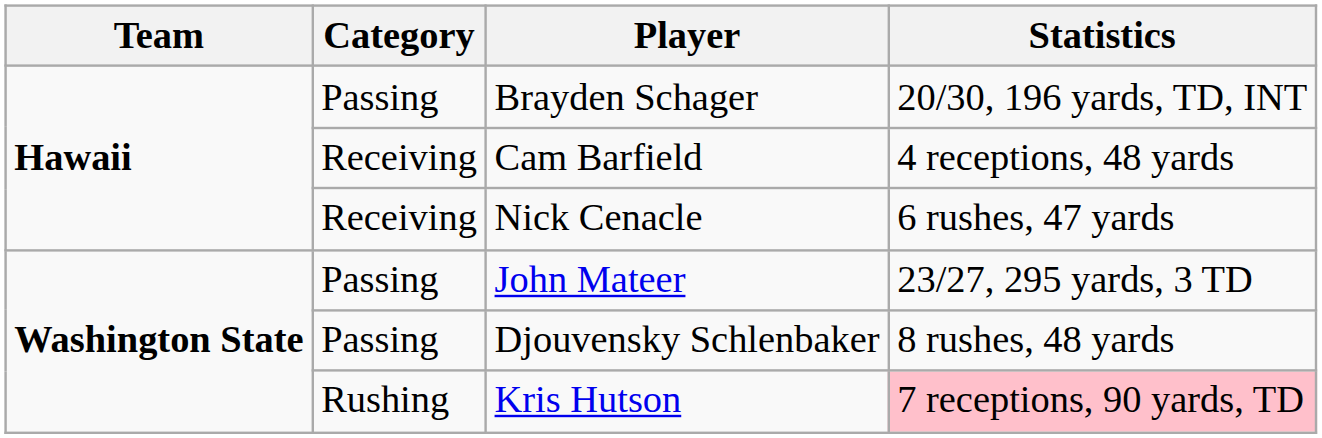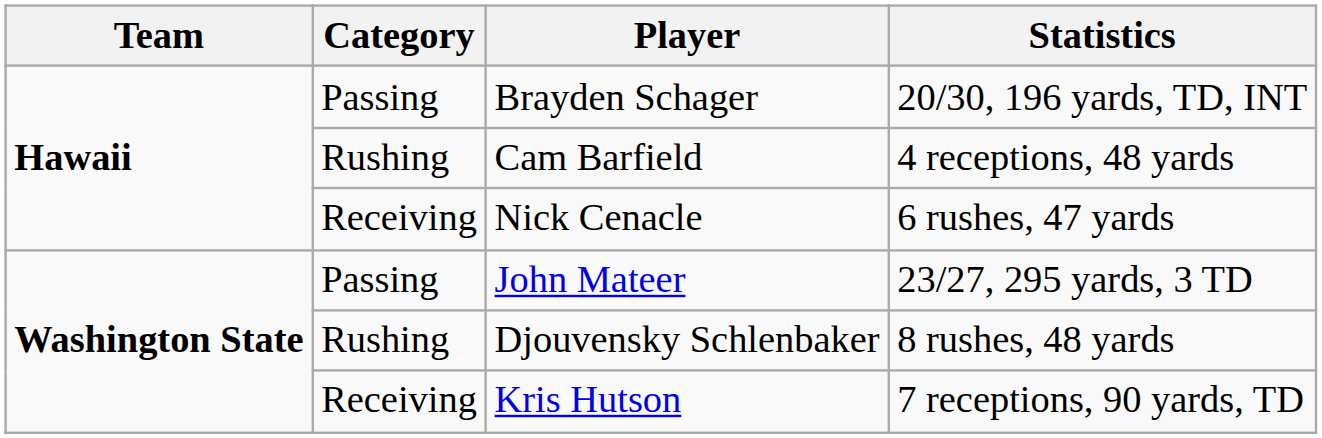 <table class="wikitable" style="float: right;">
 <tr>
 <th>Team</th>
 <th>Category</th>
 <th>Player</th>
 <th>Statistics</th>
 </tr>
 <tr>
 <td rowspan=3><strong>Hawaii</strong></td>
 <td>Passing</td>
 <td>Brayden Schager</td>
 <td>20/30, 196 yards, TD, INT</td>
 </tr>
 <tr>
-<td>Receiving</td>
+<td>Rushing</td>
 <td>Cam Barfield</td>
 <td>4 receptions, 48 yards</td>
 </tr>
 <tr>
 <td>Receiving</td>
 <td>Nick Cenacle</td>
 <td>6 rushes, 47 yards</td>
 </tr>
 <tr>
 <td rowspan=3><strong>Washington State</strong></td>
 <td>Passing</td>
 <td><a href='#'>John Mateer</a></td>
 <td>23/27, 295 yards, 3 TD</td>
 </tr>
 <tr>
-<td>Passing</td>
+<td>Rushing</td>
 <td>Djouvensky Schlenbaker</td>
 <td>8 rushes, 48 yards</td>
 </tr>
 <tr>
-<td>Rushing</td>
+<td>Receiving</td>
 <td><a href='#'>Kris Hutson</a></td>
-<td style="background: pink;">7 receptions, 90 yards, TD</td>
+<td>7 receptions, 90 yards, TD</td>
 </tr>
 </table>
